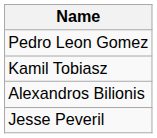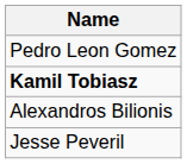 <table class="wikitable">
 <tr>
 <th>Name</th>
 </tr>
 <tr>
 <td> Pedro Leon Gomez</td>
 </tr>
 <tr>
-<td> Kamil Tobiasz</td>
+<td><strong> Kamil Tobiasz</strong></td>
 </tr>
 <tr>
 <td> Alexandros Bilionis</td>
 </tr>
 <tr>
 <td> Jesse Peveril</td>
 </tr>
 </table>
